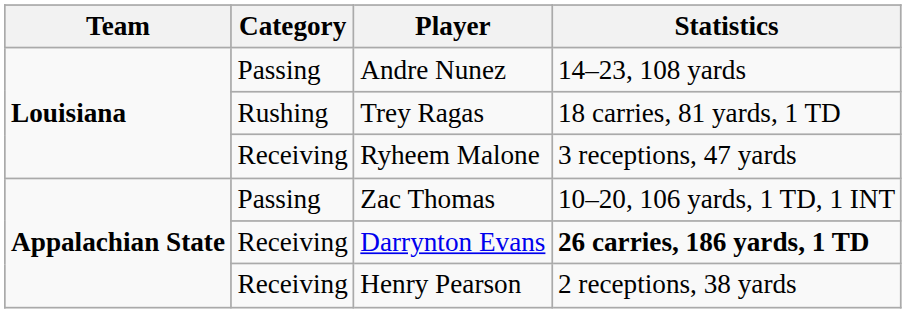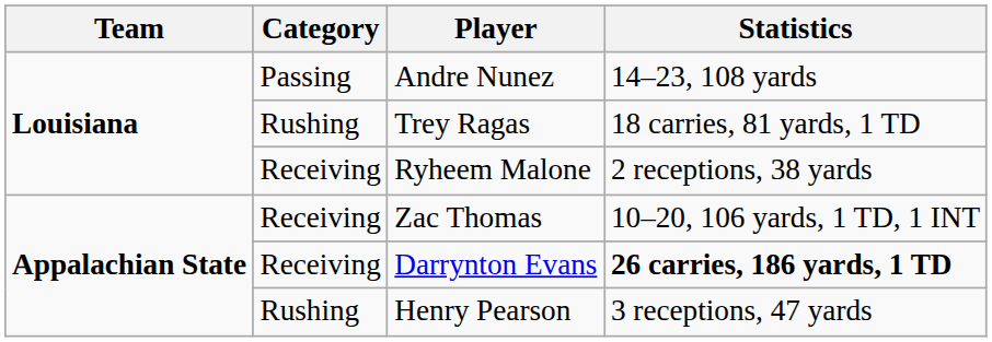 <table class="wikitable" style="float: left;">
 <tr>
 <th>Team</th>
 <th>Category</th>
 <th>Player</th>
 <th>Statistics</th>
 </tr>
 <tr>
 <td rowspan=3><strong>Louisiana</strong></td>
 <td>Passing</td>
 <td>Andre Nunez</td>
 <td>14–23, 108 yards</td>
 </tr>
 <tr>
 <td>Rushing</td>
 <td>Trey Ragas</td>
 <td>18 carries, 81 yards, 1 TD</td>
 </tr>
 <tr>
 <td>Receiving</td>
 <td>Ryheem Malone</td>
-<td>3 receptions, 47 yards</td>
+<td>2 receptions, 38 yards</td>
 </tr>
 <tr>
 <td rowspan=3><strong>Appalachian State</strong></td>
-<td>Passing</td>
+<td>Receiving</td>
 <td>Zac Thomas</td>
 <td>10–20, 106 yards, 1 TD, 1 INT</td>
 </tr>
 <tr>
 <td>Receiving</td>
 <td><a href='#'>Darrynton Evans</a></td>
 <td><strong>26 carries, 186 yards, 1 TD</strong></td>
 </tr>
 <tr>
-<td>Receiving</td>
+<td>Rushing</td>
 <td>Henry Pearson</td>
-<td>2 receptions, 38 yards</td>
+<td>3 receptions, 47 yards</td>
 </tr>
 </table>
